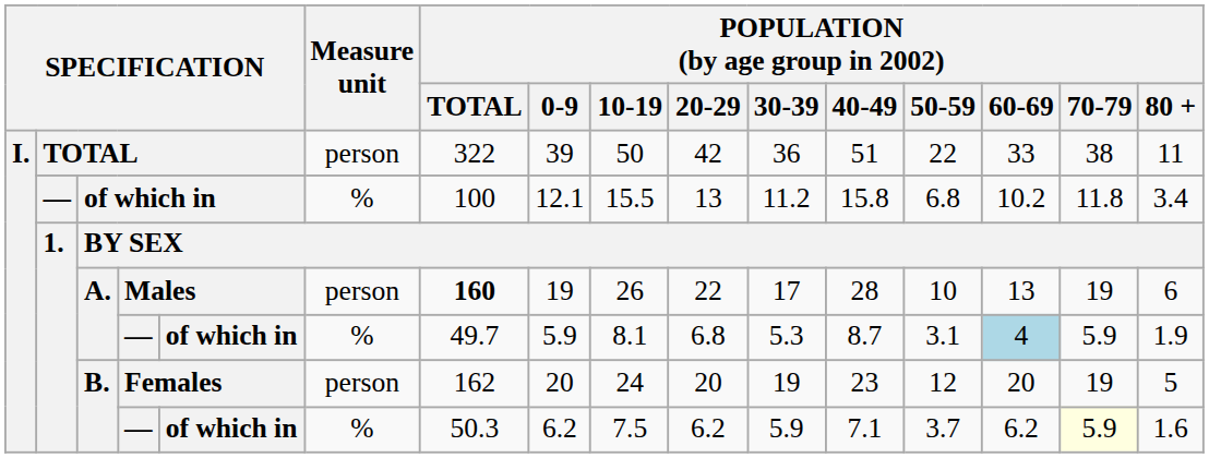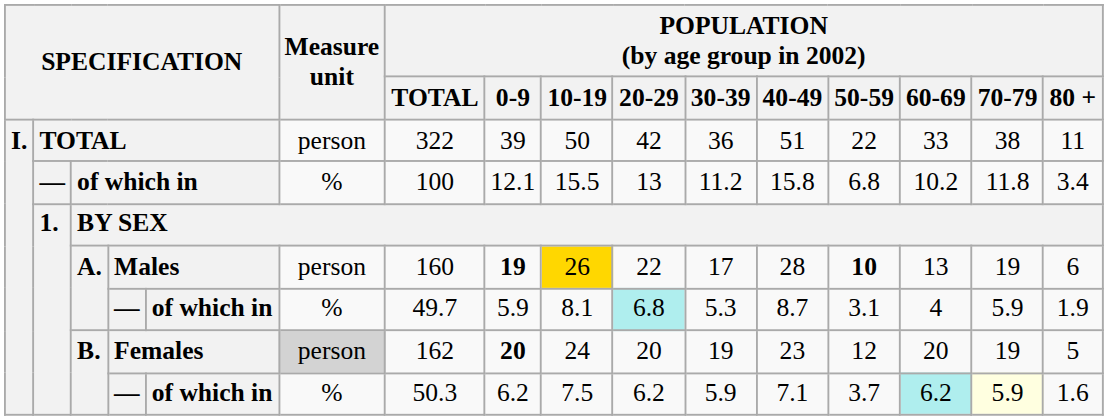 <table class="wikitable" style="font-size:85%; text-align:center">
 <tr>
 <th rowspan="2" colspan="5">SPECIFICATION</th>
 <th rowspan="2">Measure<br> unit</th>
 <th colspan="10" rowspan="1">POPULATION<br> (by age group in 2002)</th>
 </tr>
 <tr>
 <th>TOTAL</th>
 <th>0-9</th>
 <th>10-19</th>
 <th>20-29</th>
 <th>30-39</th>
 <th>40-49</th>
 <th>50-59</th>
 <th>60-69</th>
 <th>70-79</th>
 <th>80 +</th>
 </tr>
 <tr>
 <th style="text-align:left" valign="top" rowspan="7">I.</th>
 <th style="text-align:left" colspan="4">TOTAL</th>
 <td>person</td>
 <td>322</td>
 <td>39</td>
 <td>50</td>
 <td>42</td>
 <td>36</td>
 <td>51</td>
 <td>22</td>
 <td>33</td>
 <td>38</td>
 <td>11</td>
 </tr>
 <tr>
 <th style="text-align:left" valign="top">—</th>
 <th style="text-align:left" colspan="3">of which in</th>
 <td>%</td>
 <td>100</td>
 <td>12.1</td>
 <td>15.5</td>
 <td>13</td>
 <td>11.2</td>
 <td>15.8</td>
 <td>6.8</td>
 <td>10.2</td>
 <td>11.8</td>
 <td>3.4</td>
 </tr>
 <tr>
 <th style="text-align:left" valign="top" rowspan="5">1.</th>
 <th style="text-align:left" colspan="14">BY SEX</th>
 </tr>
 <tr>
 <th style="text-align:left" valign="top" rowspan="2">A.</th>
 <th style="text-align:left" colspan="2">Males</th>
 <td>person</td>
-<td><strong>160</strong></td>
-<td>19</td>
-<td>26</td>
+<td>160</td>
+<td><strong>19</strong></td>
+<td style="background: gold;">26</td>
 <td>22</td>
 <td>17</td>
 <td>28</td>
-<td>10</td>
+<td><strong>10</strong></td>
 <td>13</td>
 <td>19</td>
 <td>6</td>
 </tr>
 <tr>
 <th style="text-align:left" valign="top">—</th>
 <th style="text-align:left" colspan="1">of which in</th>
 <td>%</td>
 <td>49.7</td>
 <td>5.9</td>
 <td>8.1</td>
-<td>6.8</td>
+<td style="background: paleturquoise;">6.8</td>
 <td>5.3</td>
 <td>8.7</td>
 <td>3.1</td>
-<td style="background: lightblue;">4</td>
+<td>4</td>
 <td>5.9</td>
 <td>1.9</td>
 </tr>
 <tr>
 <th style="text-align:left" valign="top" rowspan="2">B.</th>
 <th style="text-align:left" colspan="2">Females</th>
-<td>person</td>
+<td style="background: lightgrey;">person</td>
 <td>162</td>
-<td>20</td>
+<td><strong>20</strong></td>
 <td>24</td>
 <td>20</td>
 <td>19</td>
 <td>23</td>
 <td>12</td>
 <td>20</td>
 <td>19</td>
 <td>5</td>
 </tr>
 <tr>
 <th style="text-align:left" valign="top">—</th>
 <th style="text-align:left" colspan="1">of which in</th>
 <td>%</td>
 <td>50.3</td>
 <td>6.2</td>
 <td>7.5</td>
 <td>6.2</td>
 <td>5.9</td>
 <td>7.1</td>
 <td>3.7</td>
-<td>6.2</td>
+<td style="background: paleturquoise;">6.2</td>
 <td style="background: lightyellow;">5.9</td>
 <td>1.6</td>
 </tr>
 </table>
